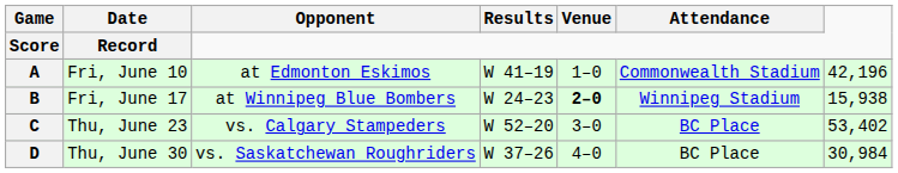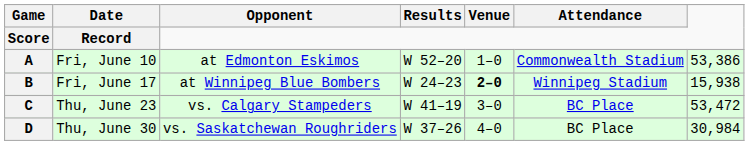 <table class="wikitable" style="text-align:center">
 <tr>
 <th>Game</th>
 <th>Date</th>
 <th>Opponent</th>
 <th>Results</th>
 <th>Venue</th>
 <th>Attendance</th>
 </tr>
 <tr>
 <th>Score</th>
 <th>Record</th>
 </tr>
 <tr style="background:#ddffdd">
 <th>A</th>
 <td>Fri, June 10</td>
 <td>at <a href='#'>Edmonton Eskimos</a></td>
-<td>W 41–19</td>
+<td>W 52–20</td>
 <td>1–0</td>
 <td><a href='#'>Commonwealth Stadium</a></td>
-<td>42,196</td>
+<td>53,386</td>
 </tr>
 <tr style="background:#ddffdd">
 <th>B</th>
 <td>Fri, June 17</td>
 <td>at <a href='#'>Winnipeg Blue Bombers</a></td>
 <td>W 24–23</td>
 <td><strong>2–0</strong></td>
 <td><a href='#'>Winnipeg Stadium</a></td>
 <td>15,938</td>
 </tr>
 <tr style="background:#ddffdd">
 <th>C</th>
 <td>Thu, June 23</td>
 <td>vs. <a href='#'>Calgary Stampeders</a></td>
-<td>W 52–20</td>
+<td>W 41–19</td>
 <td>3–0</td>
 <td><a href='#'>BC Place</a></td>
-<td>53,402</td>
+<td>53,472</td>
 </tr>
 <tr style="background:#ddffdd">
 <th>D</th>
 <td>Thu, June 30</td>
 <td>vs. <a href='#'>Saskatchewan Roughriders</a></td>
 <td>W 37–26</td>
 <td>4–0</td>
 <td>BC Place</td>
 <td>30,984</td>
 </tr>
 </table>
